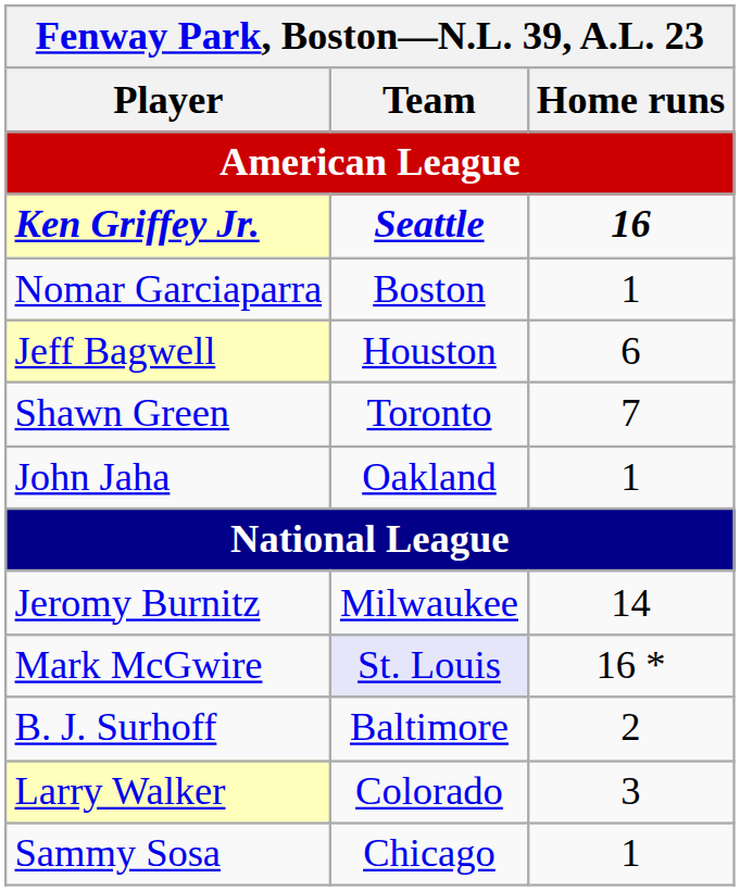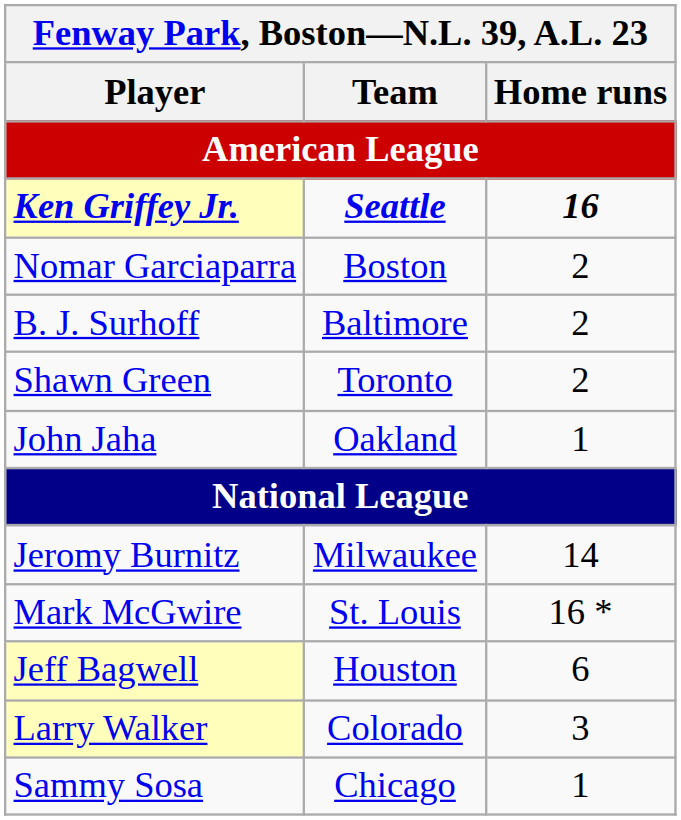 <table class="wikitable" style="text-align:right;">
 <tr>
 <th colspan="3"><a href='#'>Fenway Park</a>, Boston—N.L. 39, A.L. 23</th>
 </tr>
 <tr>
 <th>Player</th>
 <th>Team</th>
 <th>Home runs</th>
 </tr>
 <tr>
 <th colspan="3" style="text-align:center; background:#CC0001; color:#FFFFFF;">American League</th>
 </tr>
 <tr>
 <td align="left" style="background:#ffb"><strong><em><a href='#'>Ken Griffey Jr.</a></em></strong></td>
 <td style="text-align:center;"><strong><em><a href='#'>Seattle</a></em></strong></td>
 <td style="text-align:center;"><strong><em>16</em></strong></td>
 </tr>
 <tr>
 <td align="left"><a href='#'>Nomar Garciaparra</a></td>
 <td style="text-align:center;"><a href='#'>Boston</a></td>
-<td style="text-align:center;">1</td>
+<td style="text-align:center;">2</td>
 </tr>
 <tr>
-<td align="left" style="background:#ffb"><a href='#'>Jeff Bagwell</a></td>
-<td style="text-align:center;"><a href='#'>Houston</a></td>
-<td style="text-align:center;">6</td>
+<td align="left"><a href='#'>B. J. Surhoff</a></td>
+<td style="text-align:center;"><a href='#'>Baltimore</a></td>
+<td style="text-align:center;">2</td>
 </tr>
 <tr>
 <td align="left"><a href='#'>Shawn Green</a></td>
 <td style="text-align:center;"><a href='#'>Toronto</a></td>
-<td style="text-align:center;">7</td>
+<td style="text-align:center;">2</td>
 </tr>
 <tr>
 <td align="left"><a href='#'>John Jaha</a></td>
 <td style="text-align:center;"><a href='#'>Oakland</a></td>
 <td style="text-align:center;">1</td>
 </tr>
 <tr>
 <th colspan="3" style="text-align:center; background:#020088; color:#FFFFFF;">National League</th>
 </tr>
 <tr>
 <td align="left"><a href='#'>Jeromy Burnitz</a></td>
 <td style="text-align:center;"><a href='#'>Milwaukee</a></td>
 <td style="text-align:center;">14</td>
 </tr>
 <tr>
 <td align="left"><a href='#'>Mark McGwire</a></td>
-<td style="background: lavender; text-align:center;"><a href='#'>St. Louis</a></td>
+<td style="text-align:center;"><a href='#'>St. Louis</a></td>
 <td style="text-align:center;">16 *</td>
 </tr>
 <tr>
-<td align="left"><a href='#'>B. J. Surhoff</a></td>
-<td style="text-align:center;"><a href='#'>Baltimore</a></td>
-<td style="text-align:center;">2</td>
+<td align="left" style="background:#ffb"><a href='#'>Jeff Bagwell</a></td>
+<td style="text-align:center;"><a href='#'>Houston</a></td>
+<td style="text-align:center;">6</td>
 </tr>
 <tr>
 <td align="left" style="background:#ffb"><a href='#'>Larry Walker</a></td>
 <td style="text-align:center;"><a href='#'>Colorado</a></td>
 <td style="text-align:center;">3</td>
 </tr>
 <tr>
 <td align="left"><a href='#'>Sammy Sosa</a></td>
 <td style="text-align:center;"><a href='#'>Chicago</a></td>
 <td style="text-align:center;">1</td>
 </tr>
 </table>
